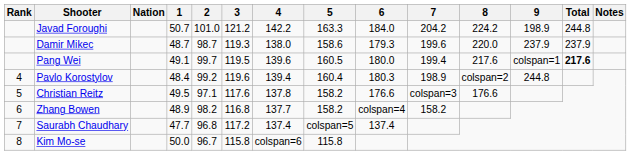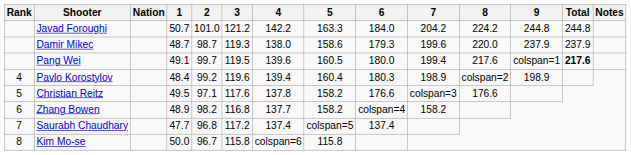 <table class="wikitable sortable" style="text-align:center">
 <tr>
 <th>Rank</th>
 <th>Shooter</th>
 <th>Nation</th>
 <th>1</th>
 <th>2</th>
 <th>3</th>
 <th>4</th>
 <th>5</th>
 <th>6</th>
 <th>7</th>
 <th>8</th>
 <th>9</th>
 <th>Total</th>
 <th>Notes</th>
 </tr>
 <tr>
 <td></td>
 <td align=left><a href='#'>Javad Foroughi</a></td>
 <td align=left></td>
 <td>50.7</td>
 <td>101.0</td>
 <td>121.2</td>
 <td>142.2</td>
 <td>163.3</td>
 <td>184.0</td>
 <td>204.2</td>
 <td>224.2</td>
-<td>198.9</td>
+<td>244.8</td>
 <td>244.8</td>
 <td></td>
 </tr>
 <tr>
 <td></td>
 <td align=left><a href='#'>Damir Mikec</a></td>
 <td align=left></td>
 <td>48.7</td>
 <td>98.7</td>
 <td>119.3</td>
 <td>138.0</td>
 <td>158.6</td>
 <td>179.3</td>
 <td>199.6</td>
 <td>220.0</td>
 <td>237.9</td>
 <td>237.9</td>
 <td></td>
 </tr>
 <tr>
 <td></td>
 <td align=left><a href='#'>Pang Wei</a></td>
 <td align=left></td>
 <td>49.1</td>
 <td>99.7</td>
 <td>119.5</td>
 <td>139.6</td>
 <td>160.5</td>
 <td>180.0</td>
 <td>199.4</td>
 <td>217.6</td>
 <td>colspan=1 </td>
 <td><strong>217.6</strong></td>
 <td></td>
 </tr>
 <tr>
 <td>4</td>
 <td align=left><a href='#'>Pavlo Korostylov</a></td>
 <td align=left></td>
 <td>48.4</td>
 <td>99.2</td>
 <td>119.6</td>
 <td>139.4</td>
 <td>160.4</td>
 <td>180.3</td>
 <td>198.9</td>
 <td>colspan=2 </td>
-<td>244.8</td>
+<td>198.9</td>
 <td></td>
 </tr>
 <tr>
 <td>5</td>
 <td align=left><a href='#'>Christian Reitz</a></td>
 <td align=left></td>
 <td>49.5</td>
 <td>97.1</td>
 <td>117.6</td>
 <td>137.8</td>
 <td>158.2</td>
 <td>176.6</td>
 <td>colspan=3 </td>
 <td>176.6</td>
 <td></td>
 </tr>
 <tr>
 <td>6</td>
 <td align=left><a href='#'>Zhang Bowen</a></td>
 <td align=left></td>
 <td>48.9</td>
 <td>98.2</td>
 <td>116.8</td>
 <td>137.7</td>
 <td>158.2</td>
 <td>colspan=4 </td>
 <td>158.2</td>
 <td></td>
 </tr>
 <tr>
 <td>7</td>
 <td align=left><a href='#'>Saurabh Chaudhary</a></td>
 <td align=left></td>
 <td>47.7</td>
 <td>96.8</td>
 <td>117.2</td>
 <td>137.4</td>
 <td>colspan=5 </td>
 <td>137.4</td>
 <td></td>
 </tr>
 <tr>
 <td>8</td>
 <td align=left><a href='#'>Kim Mo-se</a></td>
 <td align=left></td>
 <td>50.0</td>
 <td>96.7</td>
 <td>115.8</td>
 <td>colspan=6 </td>
 <td>115.8</td>
 <td></td>
 </tr>
 </table>
